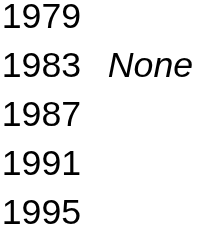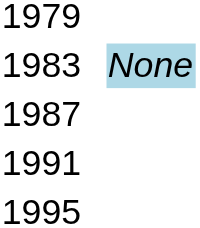 <table>
 <tr>
 <td>1979</td>
 <td></td>
 <td></td>
 <td></td>
 </tr>
 <tr>
 <td>1983</td>
 <td></td>
 <td></td>
-<td><em>None</em></td>
+<td style="background: lightblue;"><em>None</em></td>
 </tr>
 <tr>
 <td>1987</td>
 <td></td>
 <td></td>
 <td></td>
 </tr>
 <tr>
 <td>1991</td>
 <td></td>
 <td></td>
 <td></td>
 </tr>
 <tr>
 <td>1995</td>
 <td></td>
 <td></td>
 <td></td>
 </tr>
 </table>
